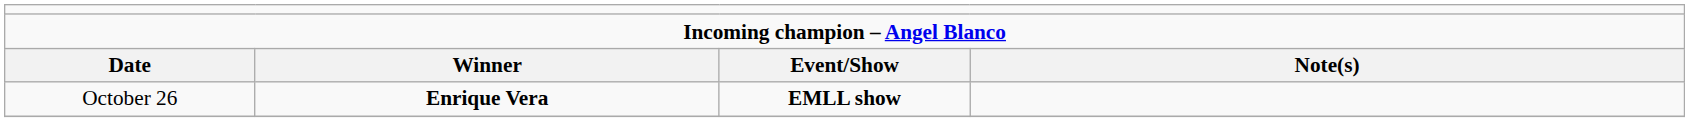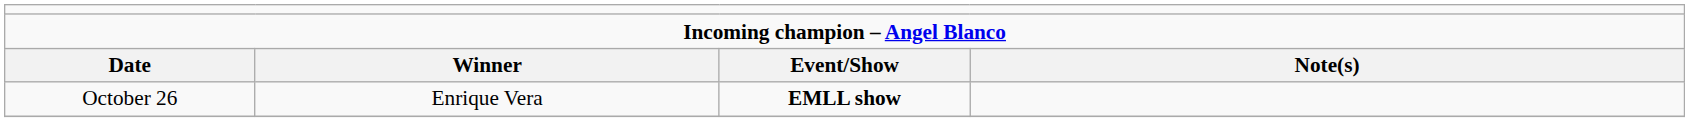 <table class="wikitable" style="text-align:center; width:100%;">
 <tr>
 <td colspan=5></td>
 </tr>
 <tr>
 <td colspan=5><strong>Incoming champion – <a href='#'>Angel Blanco</a></strong></td>
 </tr>
 <tr>
 <th width=14%>Date</th>
 <th width=26%>Winner</th>
 <th width=14%>Event/Show</th>
 <th width=40%>Note(s)</th>
 </tr>
 <tr>
 <td>October 26</td>
-<td><strong>Enrique Vera</strong></td>
+<td>Enrique Vera</td>
 <td><strong>EMLL show</strong></td>
 <td></td>
 </tr>
 <tr>
 </tr>
 </table>
